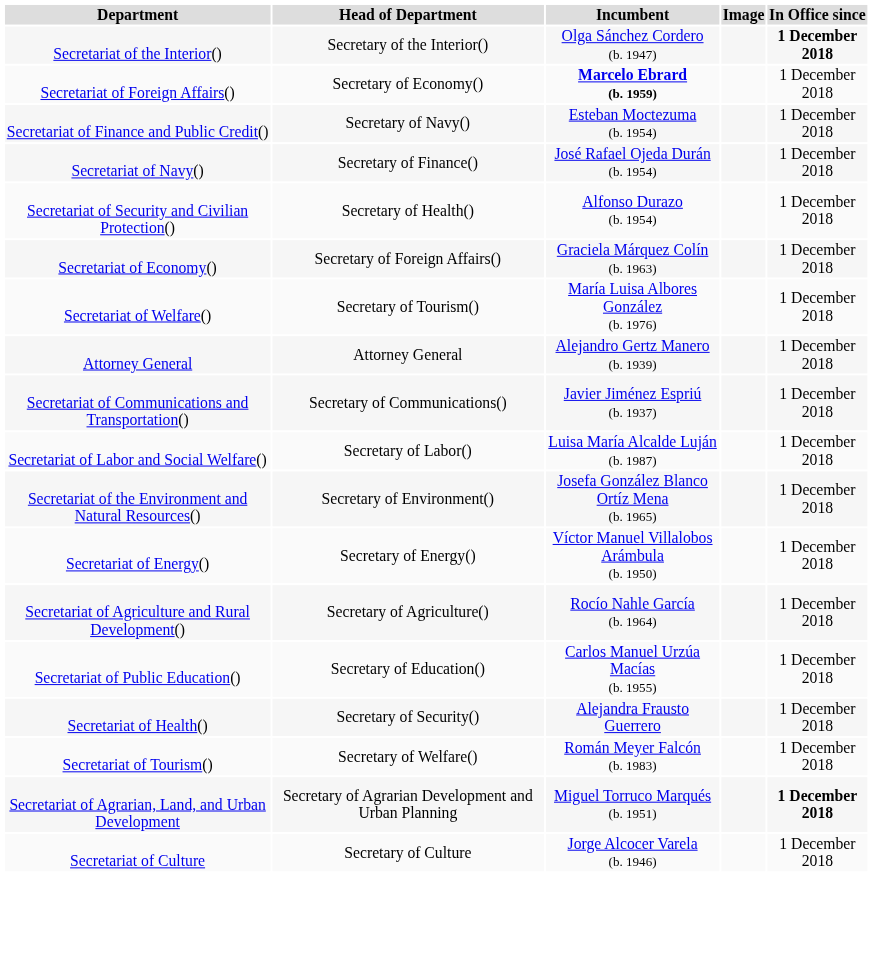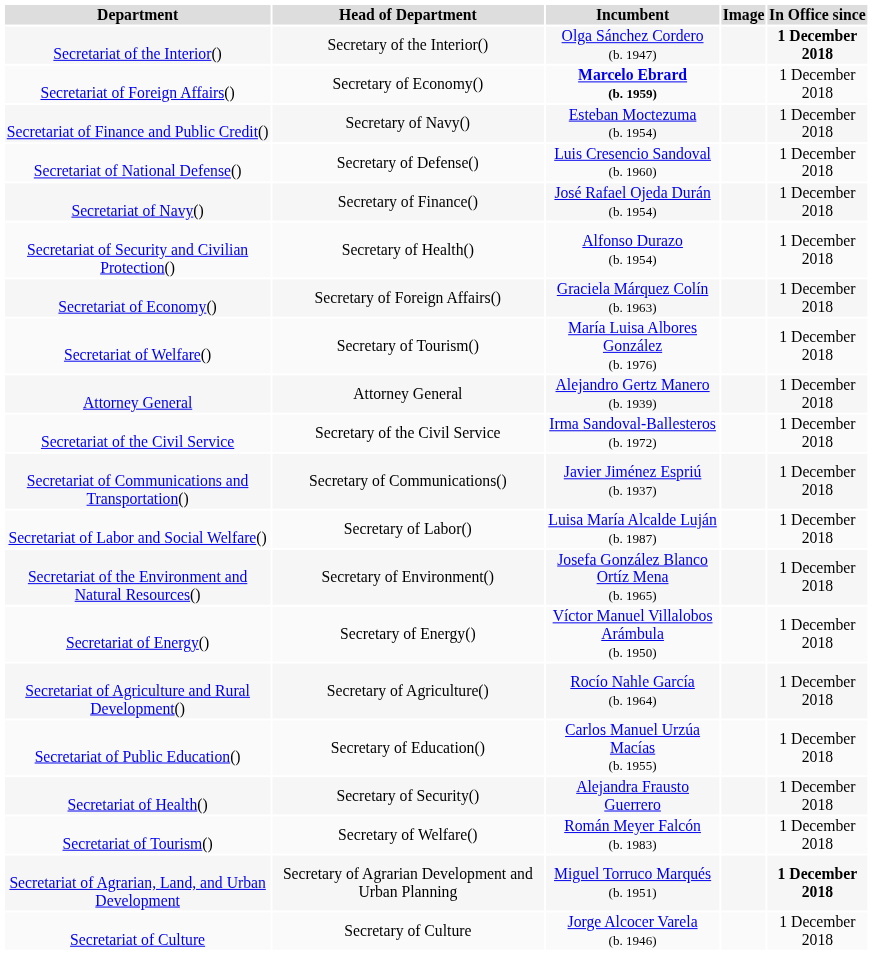 <table style="text-align:center;width:100%;border:0px solid transparent !important;">
 <tr style="background-color:#DDD;bgcolor:#DDD;">
 <th>Department</th>
 <th>Head of Department</th>
 <th>Incumbent</th>
 <th>Image</th>
 <th>In Office since</th>
 </tr>
 <tr style="background-color:#F6F6F6;bgcolor:#F6F6F6;">
 <td align="center"><br><a href='#'>Secretariat of the Interior</a>()</td>
 <td>Secretary of the Interior()</td>
 <td><a href='#'>Olga Sánchez Cordero</a><br><small>(b. 1947)</small></td>
 <td></td>
 <td><strong>1 December 2018</strong></td>
 </tr>
 <tr style="background-color:#FAFAFA;bgcolor:#FAFAFA;">
 <td align="center"><br><a href='#'>Secretariat of Foreign Affairs</a>()</td>
 <td>Secretary of Economy()</td>
 <td><strong><a href='#'>Marcelo Ebrard</a><br><small>(b. 1959)</small></strong></td>
 <td></td>
 <td>1 December 2018</td>
 </tr>
 <tr style="background-color:#F6F6F6;bgcolor:#F6F6F6;">
 <td align="center"><br><a href='#'>Secretariat of Finance and Public Credit</a>()</td>
 <td>Secretary of Navy()</td>
 <td><a href='#'>Esteban Moctezuma</a><br><small>(b. 1954)</small></td>
+<td></td>
+<td>1 December 2018</td>
+</tr>
+<tr style="background-color:#FAFAFA;bgcolor:#FAFAFA;">
+<td align="center"><br><a href='#'>Secretariat of National Defense</a>()</td>
+<td>Secretary of Defense()</td>
+<td><a href='#'>Luis Cresencio Sandoval</a><br><small>(b. 1960)</small></td>
 <td></td>
 <td>1 December 2018</td>
 </tr>
 <tr style="background-color:#F6F6F6;bgcolor:#F6F6F6;">
 <td align="center"><br><a href='#'>Secretariat of Navy</a>()</td>
 <td>Secretary of Finance()</td>
 <td><a href='#'>José Rafael Ojeda Durán</a><br><small>(b. 1954)</small></td>
 <td></td>
 <td>1 December 2018</td>
 </tr>
 <tr style="background-color:#FAFAFA;bgcolor:#FAFAFA;">
 <td align="center"><br><a href='#'>Secretariat of Security and Civilian Protection</a>()</td>
 <td>Secretary of Health()</td>
 <td><a href='#'>Alfonso Durazo</a><br><small>(b. 1954)</small></td>
 <td></td>
 <td>1 December 2018</td>
 </tr>
 <tr style="background-color:#F6F6F6;bgcolor:#F6F6F6;">
 <td align="center"><br><a href='#'>Secretariat of Economy</a>()</td>
 <td>Secretary of Foreign Affairs()</td>
 <td><a href='#'>Graciela Márquez Colín</a><br><small>(b. 1963)</small></td>
 <td></td>
 <td>1 December 2018</td>
 </tr>
 <tr style="background-color:#FAFAFA;bgcolor:#FAFAFA;">
 <td align="center"><br><a href='#'>Secretariat of Welfare</a>()</td>
 <td>Secretary of Tourism()</td>
 <td><a href='#'>María Luisa Albores González</a><br><small>(b. 1976)</small></td>
 <td></td>
 <td>1 December 2018</td>
 </tr>
 <tr style="background-color:#F6F6F6;bgcolor:#F6F6F6;">
 <td align="center"><br><a href='#'>Attorney General</a></td>
 <td>Attorney General</td>
 <td><a href='#'>Alejandro Gertz Manero</a><br><small>(b. 1939)</small></td>
+<td></td>
+<td>1 December 2018</td>
+</tr>
+<tr style="background-color:#FAFAFA;bgcolor:#FAFAFA;">
+<td align="center"><br><a href='#'>Secretariat of the Civil Service</a></td>
+<td>Secretary of the Civil Service</td>
+<td><a href='#'>Irma Sandoval-Ballesteros</a><br><small>(b. 1972)</small></td>
 <td></td>
 <td>1 December 2018</td>
 </tr>
 <tr style="background-color:#F6F6F6;bgcolor:#F6F6F6;">
 <td align="center"><br><a href='#'>Secretariat of Communications and Transportation</a>()</td>
 <td>Secretary of Communications()</td>
 <td><a href='#'>Javier Jiménez Espriú</a><br><small>(b. 1937)</small></td>
 <td></td>
 <td>1 December 2018</td>
 </tr>
 <tr style="background-color:#FAFAFA;bgcolor:#FAFAFA;">
 <td align="center"><br><a href='#'>Secretariat of Labor and Social Welfare</a>()</td>
 <td>Secretary of Labor()</td>
 <td><a href='#'>Luisa María Alcalde Luján</a><br><small>(b. 1987)</small></td>
 <td></td>
 <td>1 December 2018</td>
 </tr>
 <tr style="background-color:#F6F6F6;bgcolor:#F6F6F6;">
 <td align="center"><br><a href='#'>Secretariat of the Environment and Natural Resources</a>()</td>
 <td>Secretary of Environment()</td>
 <td><a href='#'>Josefa González Blanco Ortíz Mena</a><br><small>(b. 1965)</small></td>
 <td></td>
 <td>1 December 2018</td>
 </tr>
 <tr style="background-color:#FAFAFA;bgcolor:#FAFAFA;">
 <td align="center"><br><a href='#'>Secretariat of Energy</a>()</td>
 <td>Secretary of Energy()</td>
 <td><a href='#'>Víctor Manuel Villalobos Arámbula</a><br><small>(b. 1950)</small></td>
 <td></td>
 <td>1 December 2018</td>
 </tr>
 <tr style="background-color:#F6F6F6;bgcolor:#F6F6F6;">
 <td align="center"><br><a href='#'>Secretariat of Agriculture and Rural Development</a>()</td>
 <td>Secretary of Agriculture()</td>
 <td><a href='#'>Rocío Nahle García</a><br><small>(b. 1964)</small></td>
 <td></td>
 <td>1 December 2018</td>
 </tr>
 <tr style="background-color:#FAFAFA;bgcolor:#FAFAFA;">
 <td align="center"><br><a href='#'>Secretariat of Public Education</a>()</td>
 <td>Secretary of Education()</td>
 <td><a href='#'>Carlos Manuel Urzúa Macías</a><br><small>(b. 1955)</small></td>
 <td></td>
 <td>1 December 2018</td>
 </tr>
 <tr style="background-color:#F6F6F6;bgcolor:#F6F6F6;">
 <td align="center"><br><a href='#'>Secretariat of Health</a>()</td>
 <td>Secretary of Security()</td>
 <td><a href='#'>Alejandra Frausto Guerrero</a></td>
 <td></td>
 <td>1 December 2018</td>
 </tr>
 <tr style="background-color:#FAFAFA;bgcolor:#FAFAFA;">
 <td align="center"><br><a href='#'>Secretariat of Tourism</a>()</td>
 <td>Secretary of Welfare()</td>
 <td><a href='#'>Román Meyer Falcón</a><br><small>(b. 1983)</small></td>
 <td></td>
 <td>1 December 2018</td>
 </tr>
 <tr style="background-color:#F6F6F6;bgcolor:#F6F6F6;">
 <td align="center"><br> <a href='#'>Secretariat of Agrarian, Land, and Urban Development</a>  </td>
 <td>Secretary of Agrarian Development and Urban Planning  </td>
 <td><a href='#'>Miguel Torruco Marqués</a><br><small>(b. 1951)</small></td>
 <td></td>
 <td><strong>1 December 2018</strong></td>
 </tr>
 <tr style="background-color:#FAFAFA;bgcolor:#FAFAFA;">
 <td align="center"><br><a href='#'>Secretariat of Culture</a>  </td>
 <td>Secretary of Culture  </td>
 <td><a href='#'>Jorge Alcocer Varela</a><br><small>(b. 1946)</small></td>
 <td></td>
 <td>1 December 2018</td>
 </tr>
 <tr style="background-color:#F6F6F6;bgcolor:#F6F6F6;">
 </tr>
 </table>
